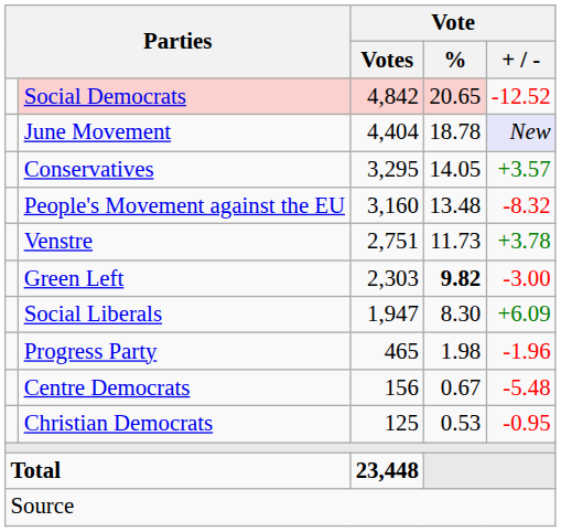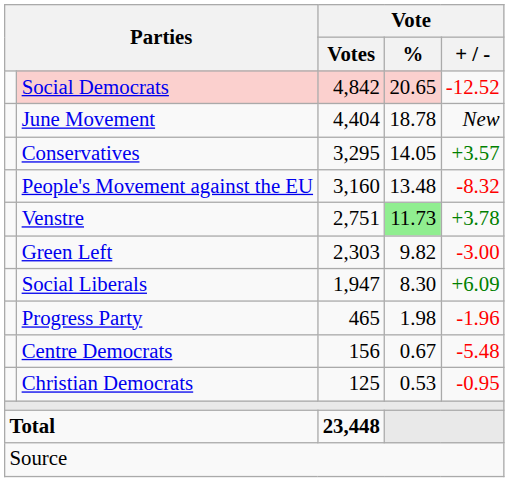 <table class="wikitable" style="text-align:right;">
 <tr>
 <th style="text-align:centre;" rowspan="2" colspan="2" width="225">Parties</th>
 <th colspan="3">Vote</th>
 </tr>
 <tr>
 <th width="15">Votes</th>
 <th width="15">%</th>
 <th width="15">+ / -</th>
 </tr>
 <tr>
 <td width="2" style="color:inherit;background:"></td>
 <td bgcolor=#fbd0ce   align="left"><a href='#'>Social Democrats</a></td>
 <td bgcolor=#fbd0ce>4,842</td>
 <td bgcolor=#fbd0ce>20.65</td>
 <td style=color:red;>-12.52</td>
 </tr>
 <tr>
 <td width="2" style="color:inherit;background:"></td>
 <td align="left"><a href='#'>June Movement</a></td>
 <td>4,404</td>
 <td>18.78</td>
-<td style="background: lavender;"><em>New</em></td>
+<td><em>New</em></td>
 </tr>
 <tr>
 <td width="2" style="color:inherit;background:"></td>
 <td align="left"><a href='#'>Conservatives</a></td>
 <td>3,295</td>
 <td>14.05</td>
 <td style=color:green;>+3.57</td>
 </tr>
 <tr>
 <td width="2" style="color:inherit;background:"></td>
 <td align="left"><a href='#'>People's Movement against the EU</a></td>
 <td>3,160</td>
 <td>13.48</td>
 <td style=color:red;>-8.32</td>
 </tr>
 <tr>
 <td width="2" style="color:inherit;background:"></td>
 <td align="left"><a href='#'>Venstre</a></td>
 <td>2,751</td>
-<td>11.73</td>
+<td style="background: lightgreen;">11.73</td>
 <td style=color:green;>+3.78</td>
 </tr>
 <tr>
 <td width="2" style="color:inherit;background:"></td>
 <td align="left"><a href='#'>Green Left</a></td>
 <td>2,303</td>
-<td><strong>9.82</strong></td>
+<td>9.82</td>
 <td style=color:red;>-3.00</td>
 </tr>
 <tr>
 <td width="2" style="color:inherit;background:"></td>
 <td align="left"><a href='#'>Social Liberals</a></td>
 <td>1,947</td>
 <td>8.30</td>
 <td style=color:green;>+6.09</td>
 </tr>
 <tr>
 <td width="2" style="color:inherit;background:"></td>
 <td align="left"><a href='#'>Progress Party</a></td>
 <td>465</td>
 <td>1.98</td>
 <td style=color:red;>-1.96</td>
 </tr>
 <tr>
 <td width="2" style="color:inherit;background:"></td>
 <td align="left"><a href='#'>Centre Democrats</a></td>
 <td>156</td>
 <td>0.67</td>
 <td style=color:red;>-5.48</td>
 </tr>
 <tr>
 <td width="2" style="color:inherit;background:"></td>
 <td align="left"><a href='#'>Christian Democrats</a></td>
 <td>125</td>
 <td>0.53</td>
 <td style=color:red;>-0.95</td>
 </tr>
 <tr>
 <td colspan="7" bgcolor="#E9E9E9"></td>
 </tr>
 <tr>
 <td align="left" colspan="2"><strong>Total</strong></td>
 <td><strong>23,448</strong></td>
 <td bgcolor="#E9E9E9" colspan="2"></td>
 </tr>
 <tr>
 <td align="left" colspan="6">Source</td>
 </tr>
 </table>
